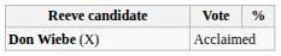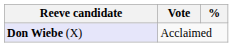 <table class="wikitable">
 <tr>
 <th width="200px">Reeve candidate</th>
 <th width="50px">Vote</th>
 <th width="30px">%</th>
 </tr>
 <tr>
-<td><strong>Don Wiebe</strong> (X)</td>
+<td style="background: lavender;"><strong>Don Wiebe</strong> (X)</td>
 <td colspan="2">Acclaimed</td>
 </tr>
 </table>
